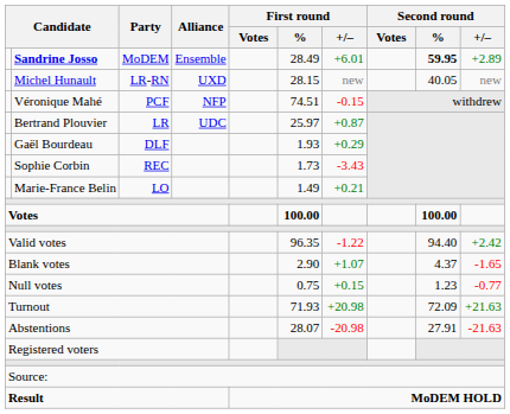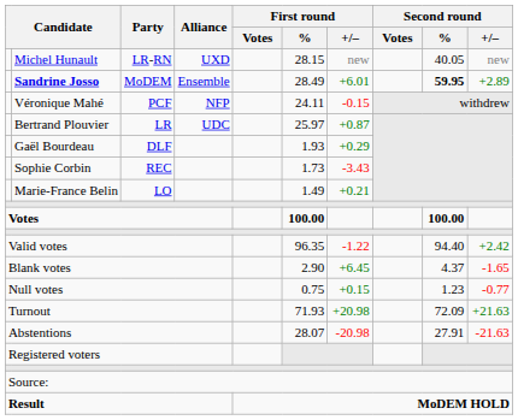 <table class="wikitable" style="text-align:right;font-size:95%;">
 <tr>
 <th rowspan="2" colspan="2">Candidate</th>
 <th colspan="1" rowspan="2">Party</th>
 <th colspan="1" rowspan="2">Alliance</th>
 <th colspan="3">First round</th>
 <th colspan="3">Second round</th>
 </tr>
 <tr>
 <th style="width:50px;">Votes</th>
 <th style="width:45px;">%</th>
 <th style="width:45px;">+/–</th>
 <th style="width:50px;">Votes</th>
 <th style="width:45px;">%</th>
 <th style="width:45px;">+/–</th>
 </tr>
 <tr>
 <td style="color:inherit;background:"></td>
+<td style="text-align:left;"><a href='#'>Michel Hunault</a></td>
+<td><a href='#'>LR</a>-<a href='#'>RN</a></td>
+<td><a href='#'>UXD</a></td>
+<td></td>
+<td>28.15</td>
+<td style="color:grey;">new</td>
+<td></td>
+<td>40.05</td>
+<td style="color:grey;">new</td>
+</tr>
+<tr>
+<td style="color:inherit;background:"></td>
 <td style="text-align:left;"><strong><a href='#'>Sandrine Josso</a></strong></td>
 <td><a href='#'>MoDEM</a></td>
 <td><a href='#'>Ensemble</a></td>
 <td></td>
 <td>28.49</td>
 <td style="color:green;">+6.01</td>
 <td><strong></strong></td>
 <td><strong>59.95</strong></td>
 <td style="color:green;">+2.89</td>
 </tr>
 <tr>
 <td style="color:inherit;background:"></td>
-<td style="text-align:left;"><a href='#'>Michel Hunault</a></td>
-<td><a href='#'>LR</a>-<a href='#'>RN</a></td>
-<td><a href='#'>UXD</a></td>
-<td></td>
-<td>28.15</td>
-<td style="color:grey;">new</td>
-<td></td>
-<td>40.05</td>
-<td style="color:grey;">new</td>
-</tr>
-<tr>
-<td style="color:inherit;background:"></td>
 <td style="text-align:left;">Véronique Mahé</td>
 <td><a href='#'>PCF</a></td>
 <td><a href='#'>NFP</a></td>
 <td></td>
-<td>74.51</td>
+<td>24.11</td>
 <td style="color:red;">-0.15</td>
 <td colspan="3" style="background:#E9E9E9;">withdrew</td>
 </tr>
 <tr>
 <td style="color:inherit;background:"></td>
 <td style="text-align:left;">Bertrand Plouvier</td>
 <td><a href='#'>LR</a></td>
 <td><a href='#'>UDC</a></td>
 <td></td>
 <td>25.97</td>
 <td style="color:green;">+0.87</td>
 <td colspan="3" rowspan="4" style="background:#E9E9E9;"></td>
 </tr>
 <tr>
 <td style="color:inherit;background:"></td>
 <td style="text-align:left;">Gaël Bourdeau</td>
 <td><a href='#'>DLF</a></td>
 <td></td>
 <td></td>
 <td>1.93</td>
 <td style="color:green;">+0.29</td>
 </tr>
 <tr>
 <td style="color:inherit;background:"></td>
 <td style="text-align:left;">Sophie Corbin</td>
 <td><a href='#'>REC</a></td>
 <td></td>
 <td></td>
 <td>1.73</td>
 <td style="color:red;">-3.43</td>
 </tr>
 <tr>
 <td style="color:inherit;background:"></td>
 <td style="text-align:left;">Marie-France Belin</td>
 <td><a href='#'>LO</a></td>
 <td></td>
 <td></td>
 <td>1.49</td>
 <td style="color:green;">+0.21</td>
 </tr>
 <tr>
 <td colspan="10" style="background:#E9E9E9;"></td>
 </tr>
 <tr style="font-weight:bold;">
 <td colspan="4" style="text-align:left;">Votes</td>
 <td></td>
 <td>100.00</td>
 <td></td>
 <td></td>
 <td>100.00</td>
 <td></td>
 </tr>
 <tr>
 <td colspan="10" style="background:#E9E9E9;"></td>
 </tr>
 <tr>
 <td colspan="4" style="text-align:left;">Valid votes</td>
 <td></td>
 <td>96.35</td>
 <td style="color:red;">-1.22</td>
 <td></td>
 <td>94.40</td>
 <td style="color:green;">+2.42</td>
 </tr>
 <tr>
 <td colspan="4" style="text-align:left;">Blank votes</td>
 <td></td>
 <td>2.90</td>
-<td style="color:green;">+1.07</td>
+<td style="color:green;">+6.45</td>
 <td></td>
 <td>4.37</td>
 <td style="color:red;">-1.65</td>
 </tr>
 <tr>
 <td colspan="4" style="text-align:left;">Null votes</td>
 <td></td>
 <td>0.75</td>
 <td style="color:green;">+0.15</td>
 <td></td>
 <td>1.23</td>
 <td style="color:red;">-0.77</td>
 </tr>
 <tr>
 <td colspan="4" style="text-align:left;">Turnout</td>
 <td></td>
 <td>71.93</td>
 <td style="color:green;">+20.98</td>
 <td></td>
 <td>72.09</td>
 <td style="color:green;">+21.63</td>
 </tr>
 <tr>
 <td colspan="4" style="text-align:left;">Abstentions</td>
 <td></td>
 <td>28.07</td>
 <td style="color:red;">-20.98</td>
 <td></td>
 <td>27.91</td>
 <td style="color:red;">-21.63</td>
 </tr>
 <tr>
 <td colspan="4" style="text-align:left;">Registered voters</td>
 <td></td>
 <td colspan="2" style="background:#E9E9E9;"></td>
 <td></td>
 <td colspan="2" style="background:#E9E9E9;"></td>
 </tr>
 <tr>
 <td colspan="10" style="background:#E9E9E9;"></td>
 </tr>
 <tr>
 <td colspan="10" style="text-align:left;">Source: </td>
 </tr>
 <tr style="font-weight:bold">
 <td colspan="4" style="text-align:left;">Result</td>
 <td colspan="6" style="background-color:">MoDEM HOLD</td>
 </tr>
 </table>
